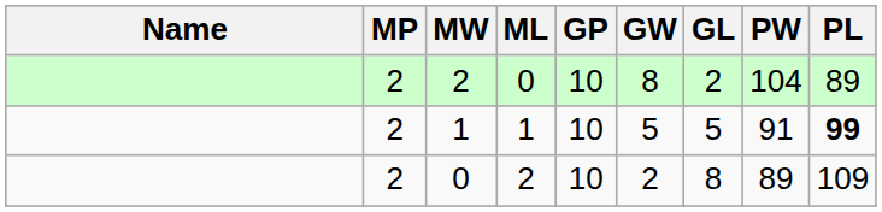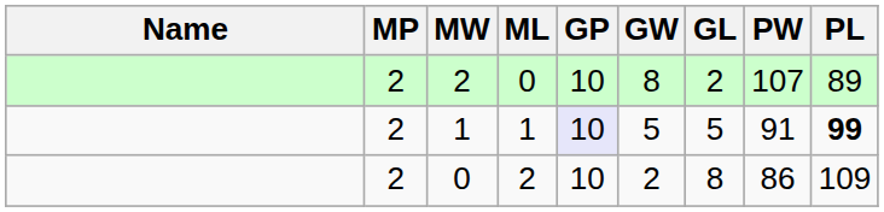 <table class=wikitable style="text-align:center">
 <tr>
 <th width=175>Name</th>
 <th width=20>MP</th>
 <th width=20>MW</th>
 <th width=20>ML</th>
 <th width=20>GP</th>
 <th width=20>GW</th>
 <th width=20>GL</th>
 <th width=20>PW</th>
 <th width=20>PL</th>
 </tr>
 <tr style="background-color:#ccffcc;">
 <td style="text-align:left;"><strong></strong></td>
 <td>2</td>
 <td>2</td>
 <td>0</td>
 <td>10</td>
 <td>8</td>
 <td>2</td>
-<td>104</td>
+<td>107</td>
 <td>89</td>
 </tr>
 <tr>
 <td style="text-align:left;"></td>
 <td>2</td>
 <td>1</td>
 <td>1</td>
-<td>10</td>
+<td style="background: lavender;">10</td>
 <td>5</td>
 <td>5</td>
 <td>91</td>
 <td><strong>99</strong></td>
 </tr>
 <tr>
 <td style="text-align:left;"></td>
 <td>2</td>
 <td>0</td>
 <td>2</td>
 <td>10</td>
 <td>2</td>
 <td>8</td>
-<td>89</td>
+<td>86</td>
 <td>109</td>
 </tr>
 </table>
